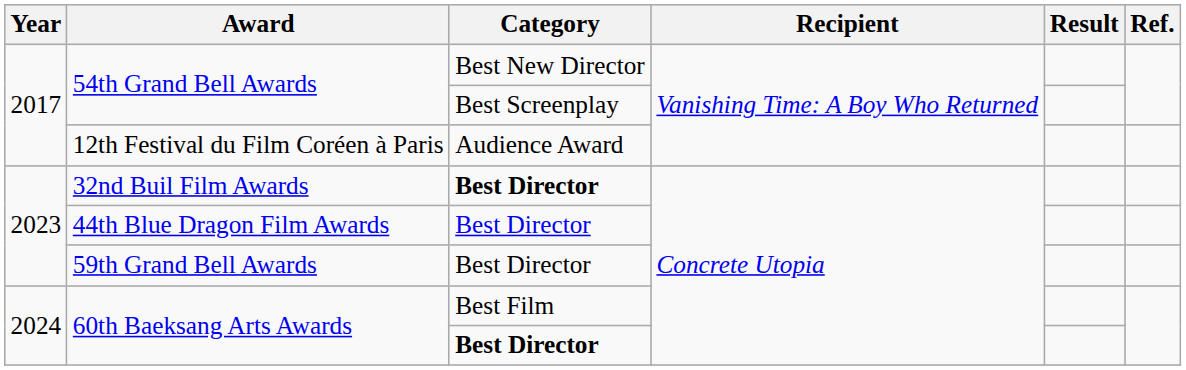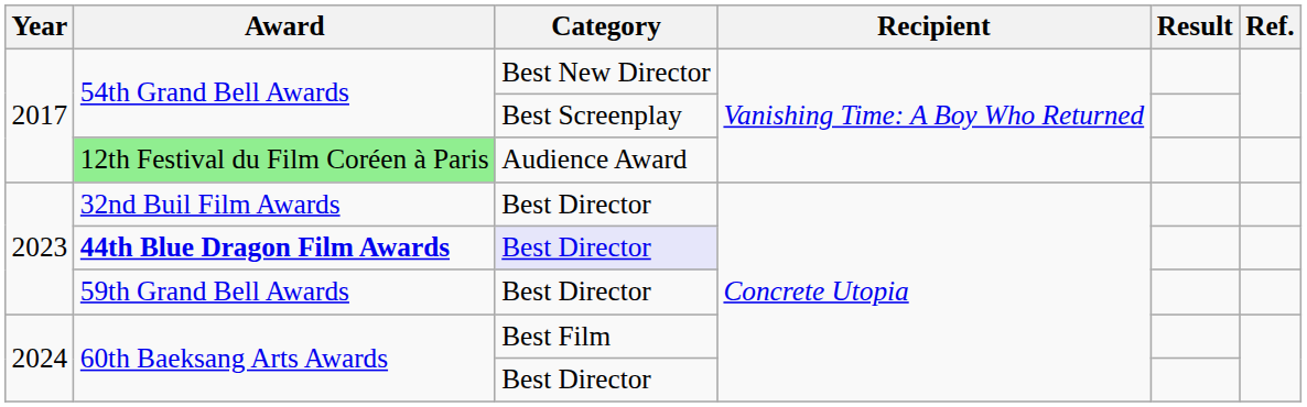 <table class="wikitable">
 <tr>
 <th>Year</th>
 <th>Award</th>
 <th>Category</th>
 <th>Recipient</th>
 <th>Result</th>
 <th>Ref.</th>
 </tr>
 <tr>
 <td rowspan="3">2017</td>
 <td rowspan="2"><a href='#'>54th Grand Bell Awards</a></td>
 <td>Best New Director</td>
 <td rowspan="3"><em><a href='#'>Vanishing Time: A Boy Who Returned</a></em></td>
 <td></td>
 <td rowspan="2"></td>
 </tr>
 <tr>
 <td>Best Screenplay</td>
 <td></td>
 </tr>
 <tr>
-<td>12th Festival du Film Coréen à Paris</td>
+<td style="background: lightgreen;">12th Festival du Film Coréen à Paris</td>
 <td>Audience Award</td>
 <td></td>
 <td></td>
 </tr>
 <tr>
 <td rowspan="3">2023</td>
 <td><a href='#'>32nd Buil Film Awards</a></td>
-<td><strong>Best Director</strong></td>
+<td>Best Director</td>
 <td rowspan="5"><em><a href='#'>Concrete Utopia</a></em></td>
 <td></td>
 <td></td>
 </tr>
 <tr>
-<td><a href='#'>44th Blue Dragon Film Awards</a></td>
-<td><a href='#'>Best Director</a></td>
+<td><strong><a href='#'>44th Blue Dragon Film Awards</a></strong></td>
+<td style="background: lavender;"><a href='#'>Best Director</a></td>
 <td></td>
 <td></td>
 </tr>
 <tr>
 <td><a href='#'>59th Grand Bell Awards</a></td>
 <td>Best Director</td>
 <td></td>
 <td></td>
 </tr>
 <tr>
 <td rowspan="2">2024</td>
 <td rowspan="2"><a href='#'>60th Baeksang Arts Awards</a></td>
 <td>Best Film</td>
 <td></td>
 <td rowspan="2"></td>
 </tr>
 <tr>
-<td><strong>Best Director</strong></td>
+<td>Best Director</td>
 <td></td>
 </tr>
 </table>
